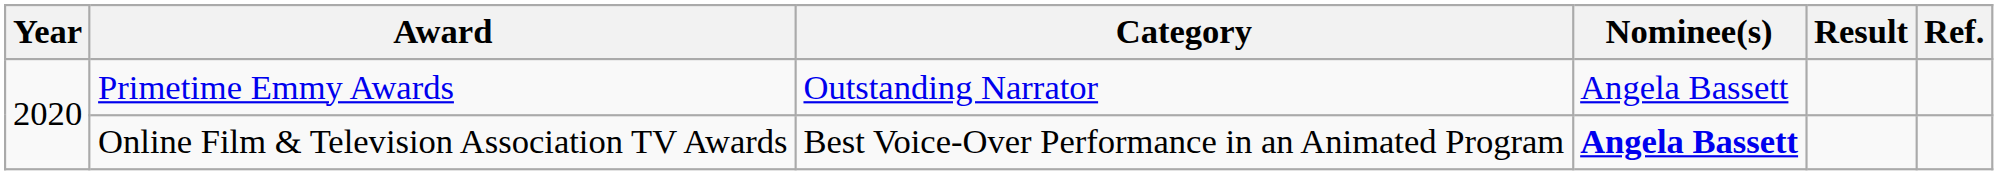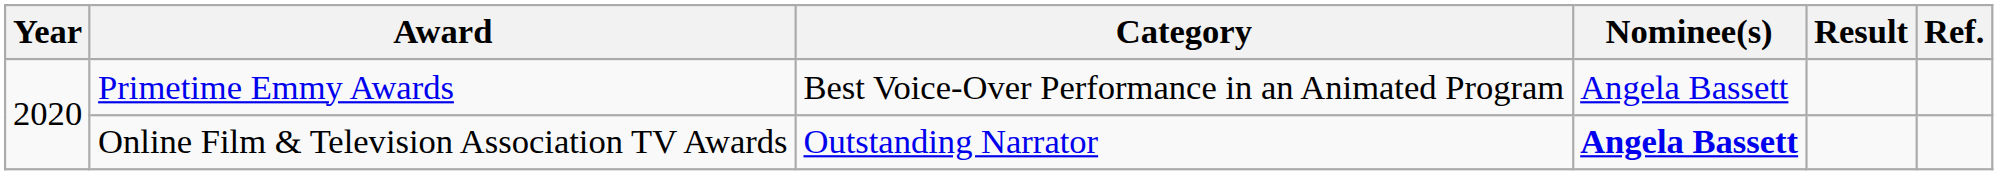 <table class="wikitable">
 <tr>
 <th>Year</th>
 <th>Award</th>
 <th>Category</th>
 <th>Nominee(s)</th>
 <th>Result</th>
 <th>Ref.</th>
 </tr>
 <tr>
 <td rowspan="2">2020</td>
 <td><a href='#'>Primetime Emmy Awards</a></td>
-<td><a href='#'>Outstanding Narrator</a></td>
+<td>Best Voice-Over Performance in an Animated Program</td>
 <td><a href='#'>Angela Bassett</a> </td>
 <td></td>
 <td style="text-align:center;"></td>
 </tr>
 <tr>
 <td>Online Film & Television Association TV Awards</td>
-<td>Best Voice-Over Performance in an Animated Program</td>
+<td><a href='#'>Outstanding Narrator</a></td>
 <td><strong><a href='#'>Angela Bassett</a></strong></td>
 <td></td>
 <td style="text-align:center;"></td>
 </tr>
 </table>
